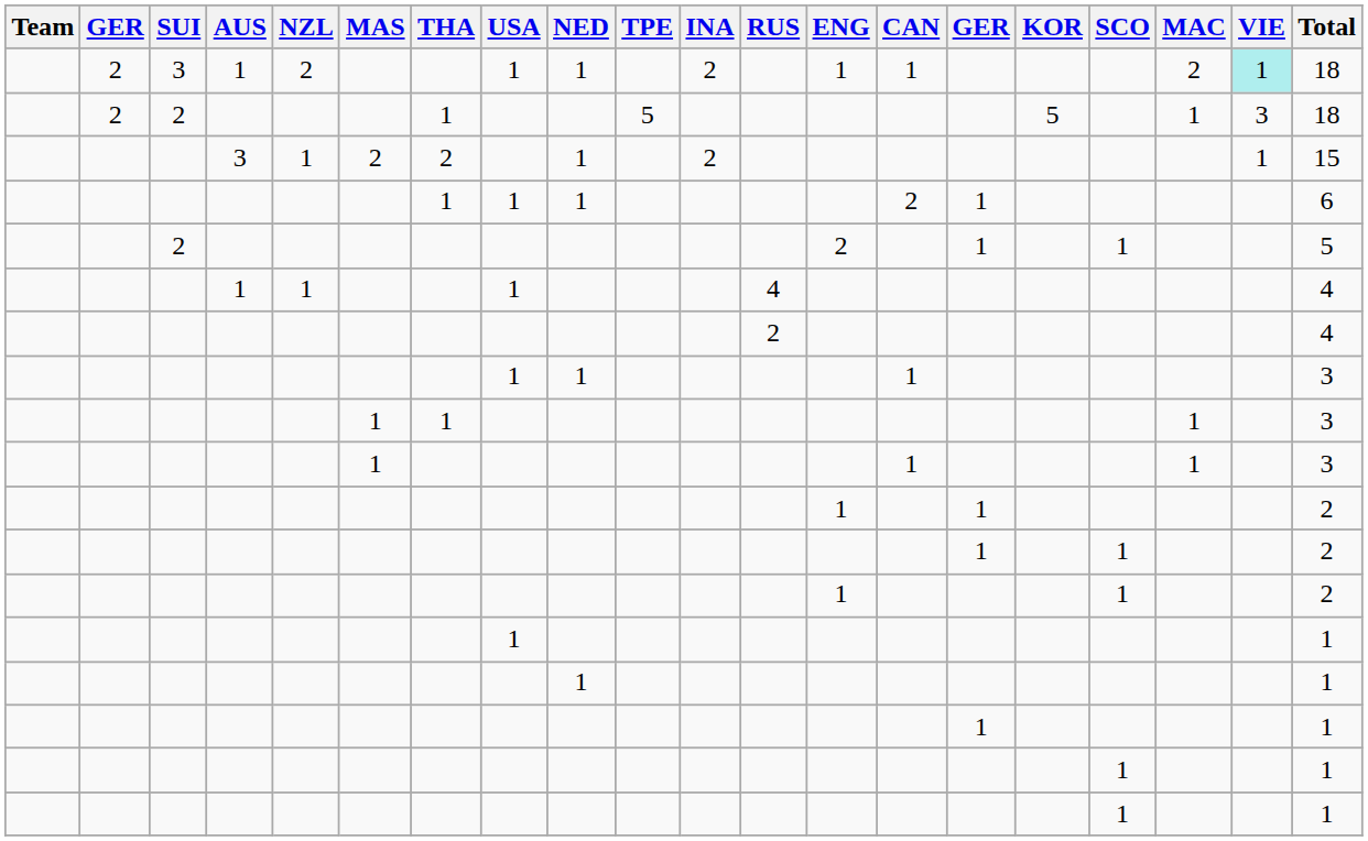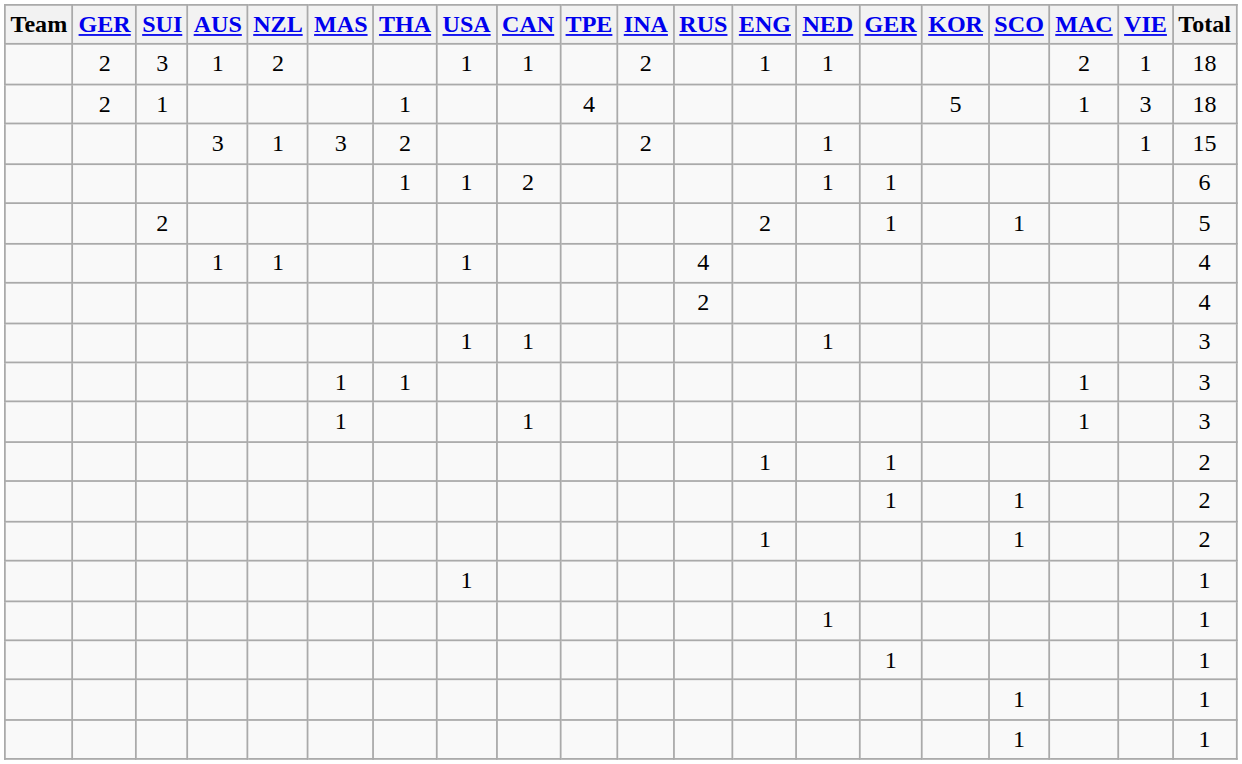 <table class=wikitable style="font-size:85%; text-align:center">
 <tr>
 <th>Team</th>
 <th><a href='#'>GER</a></th>
 <th><a href='#'>SUI</a></th>
 <th><a href='#'>AUS</a></th>
 <th><a href='#'>NZL</a></th>
 <th><a href='#'>MAS</a></th>
 <th><a href='#'>THA</a></th>
 <th><a href='#'>USA</a></th>
-<th><a href='#'>NED</a></th>
+<th><a href='#'>CAN</a></th>
 <th><a href='#'>TPE</a></th>
 <th><a href='#'>INA</a></th>
 <th><a href='#'>RUS</a></th>
 <th><a href='#'>ENG</a></th>
-<th><a href='#'>CAN</a></th>
+<th><a href='#'>NED</a></th>
 <th><a href='#'>GER</a></th>
 <th><a href='#'>KOR</a></th>
 <th><a href='#'>SCO</a></th>
 <th><a href='#'>MAC</a></th>
 <th><a href='#'>VIE</a></th>
 <th>Total</th>
 </tr>
 <tr>
 <td align=left></td>
 <td>2</td>
 <td>3</td>
 <td>1</td>
 <td>2</td>
 <td></td>
 <td></td>
 <td>1</td>
 <td>1</td>
 <td></td>
 <td>2</td>
 <td></td>
 <td>1</td>
 <td>1</td>
 <td></td>
 <td></td>
 <td></td>
 <td>2</td>
-<td style="background: paleturquoise;">1</td>
+<td>1</td>
 <td>18</td>
 </tr>
 <tr>
 <td align=left></td>
 <td>2</td>
-<td>2</td>
+<td>1</td>
 <td></td>
 <td></td>
 <td></td>
 <td>1</td>
 <td></td>
 <td></td>
-<td>5</td>
+<td>4</td>
 <td></td>
 <td></td>
 <td></td>
 <td></td>
 <td></td>
 <td>5</td>
 <td></td>
 <td>1</td>
 <td>3</td>
 <td>18</td>
 </tr>
 <tr>
 <td align=left></td>
 <td></td>
 <td></td>
 <td>3</td>
 <td>1</td>
-<td>2</td>
+<td>3</td>
 <td>2</td>
 <td></td>
-<td>1</td>
+<td></td>
 <td></td>
 <td>2</td>
 <td></td>
 <td></td>
-<td></td>
+<td>1</td>
 <td></td>
 <td></td>
 <td></td>
 <td></td>
 <td>1</td>
 <td>15</td>
 </tr>
 <tr>
 <td align=left></td>
 <td></td>
 <td></td>
 <td></td>
 <td></td>
 <td></td>
 <td>1</td>
 <td>1</td>
-<td>1</td>
+<td>2</td>
 <td></td>
 <td></td>
 <td></td>
 <td></td>
-<td>2</td>
+<td>1</td>
 <td>1</td>
 <td></td>
 <td></td>
 <td></td>
 <td></td>
 <td>6</td>
 </tr>
 <tr>
 <td align=left></td>
 <td></td>
 <td>2</td>
 <td></td>
 <td></td>
 <td></td>
 <td></td>
 <td></td>
 <td></td>
 <td></td>
 <td></td>
 <td></td>
 <td>2</td>
 <td></td>
 <td>1</td>
 <td></td>
 <td>1</td>
 <td></td>
 <td></td>
 <td>5</td>
 </tr>
 <tr>
 <td align=left></td>
 <td></td>
 <td></td>
 <td>1</td>
 <td>1</td>
 <td></td>
 <td></td>
 <td>1</td>
 <td></td>
 <td></td>
 <td></td>
 <td>4</td>
 <td></td>
 <td></td>
 <td></td>
 <td></td>
 <td></td>
 <td></td>
 <td></td>
 <td>4</td>
 </tr>
 <tr>
 <td align=left></td>
 <td></td>
 <td></td>
 <td></td>
 <td></td>
 <td></td>
 <td></td>
 <td></td>
 <td></td>
 <td></td>
 <td></td>
 <td>2</td>
 <td></td>
 <td></td>
 <td></td>
 <td></td>
 <td></td>
 <td></td>
 <td></td>
 <td>4</td>
 </tr>
 <tr>
 <td align=left></td>
 <td></td>
 <td></td>
 <td></td>
 <td></td>
 <td></td>
 <td></td>
 <td>1</td>
 <td>1</td>
 <td></td>
 <td></td>
 <td></td>
 <td></td>
 <td>1</td>
 <td></td>
 <td></td>
 <td></td>
 <td></td>
 <td></td>
 <td>3</td>
 </tr>
 <tr>
 <td align=left></td>
 <td></td>
 <td></td>
 <td></td>
 <td></td>
 <td>1</td>
 <td>1</td>
 <td></td>
 <td></td>
 <td></td>
 <td></td>
 <td></td>
 <td></td>
 <td></td>
 <td></td>
 <td></td>
 <td></td>
 <td>1</td>
 <td></td>
 <td>3</td>
 </tr>
 <tr>
 <td align=left></td>
 <td></td>
 <td></td>
 <td></td>
 <td></td>
 <td>1</td>
 <td></td>
 <td></td>
+<td>1</td>
 <td></td>
 <td></td>
 <td></td>
 <td></td>
 <td></td>
-<td>1</td>
 <td></td>
 <td></td>
 <td></td>
 <td>1</td>
 <td></td>
 <td>3</td>
 </tr>
 <tr>
 <td align=left></td>
 <td></td>
 <td></td>
 <td></td>
 <td></td>
 <td></td>
 <td></td>
 <td></td>
 <td></td>
 <td></td>
 <td></td>
 <td></td>
 <td>1</td>
 <td></td>
 <td>1</td>
 <td></td>
 <td></td>
 <td></td>
 <td></td>
 <td>2</td>
 </tr>
 <tr>
 <td align=left></td>
 <td></td>
 <td></td>
 <td></td>
 <td></td>
 <td></td>
 <td></td>
 <td></td>
 <td></td>
 <td></td>
 <td></td>
 <td></td>
 <td></td>
 <td></td>
 <td>1</td>
 <td></td>
 <td>1</td>
 <td></td>
 <td></td>
 <td>2</td>
 </tr>
 <tr>
 <td align=left></td>
 <td></td>
 <td></td>
 <td></td>
 <td></td>
 <td></td>
 <td></td>
 <td></td>
 <td></td>
 <td></td>
 <td></td>
 <td></td>
 <td>1</td>
 <td></td>
 <td></td>
 <td></td>
 <td>1</td>
 <td></td>
 <td></td>
 <td>2</td>
 </tr>
 <tr>
 <td align=left></td>
 <td></td>
 <td></td>
 <td></td>
 <td></td>
 <td></td>
 <td></td>
 <td>1</td>
 <td></td>
 <td></td>
 <td></td>
 <td></td>
 <td></td>
 <td></td>
 <td></td>
 <td></td>
 <td></td>
 <td></td>
 <td></td>
 <td>1</td>
 </tr>
 <tr>
 <td align=left></td>
 <td></td>
 <td></td>
 <td></td>
 <td></td>
 <td></td>
 <td></td>
 <td></td>
-<td>1</td>
 <td></td>
 <td></td>
 <td></td>
 <td></td>
 <td></td>
+<td>1</td>
 <td></td>
 <td></td>
 <td></td>
 <td></td>
 <td></td>
 <td>1</td>
 </tr>
 <tr>
 <td align=left></td>
 <td></td>
 <td></td>
 <td></td>
 <td></td>
 <td></td>
 <td></td>
 <td></td>
 <td></td>
 <td></td>
 <td></td>
 <td></td>
 <td></td>
 <td></td>
 <td>1</td>
 <td></td>
 <td></td>
 <td></td>
 <td></td>
 <td>1</td>
 </tr>
 <tr>
 <td align=left></td>
 <td></td>
 <td></td>
 <td></td>
 <td></td>
 <td></td>
 <td></td>
 <td></td>
 <td></td>
 <td></td>
 <td></td>
 <td></td>
 <td></td>
 <td></td>
 <td></td>
 <td></td>
 <td>1</td>
 <td></td>
 <td></td>
 <td>1</td>
 </tr>
 <tr>
 <td align=left></td>
 <td></td>
 <td></td>
 <td></td>
 <td></td>
 <td></td>
 <td></td>
 <td></td>
 <td></td>
 <td></td>
 <td></td>
 <td></td>
 <td></td>
 <td></td>
 <td></td>
 <td></td>
 <td>1</td>
 <td></td>
 <td></td>
 <td>1</td>
 </tr>
 </table>
